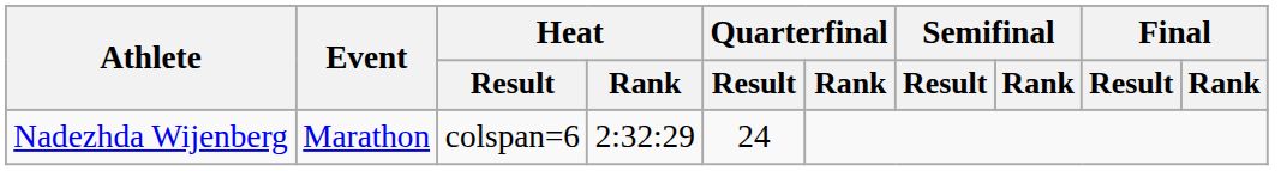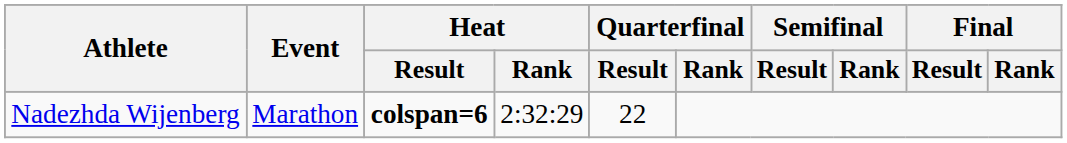 <table class="wikitable" style="font-size:90%">
 <tr>
 <th rowspan="2">Athlete</th>
 <th rowspan="2">Event</th>
 <th colspan="2">Heat</th>
 <th colspan="2">Quarterfinal</th>
 <th colspan="2">Semifinal</th>
 <th colspan="2">Final</th>
 </tr>
 <tr style="font-size:95%">
 <th>Result</th>
 <th>Rank</th>
 <th>Result</th>
 <th>Rank</th>
 <th>Result</th>
 <th>Rank</th>
 <th>Result</th>
 <th>Rank</th>
 </tr>
 <tr align=center>
 <td><a href='#'>Nadezhda Wijenberg</a></td>
 <td rowspan=2><a href='#'>Marathon</a></td>
-<td>colspan=6 </td>
+<td><strong>colspan=6 </strong></td>
 <td>2:32:29</td>
-<td>24</td>
+<td>22</td>
 </tr>
 </table>
